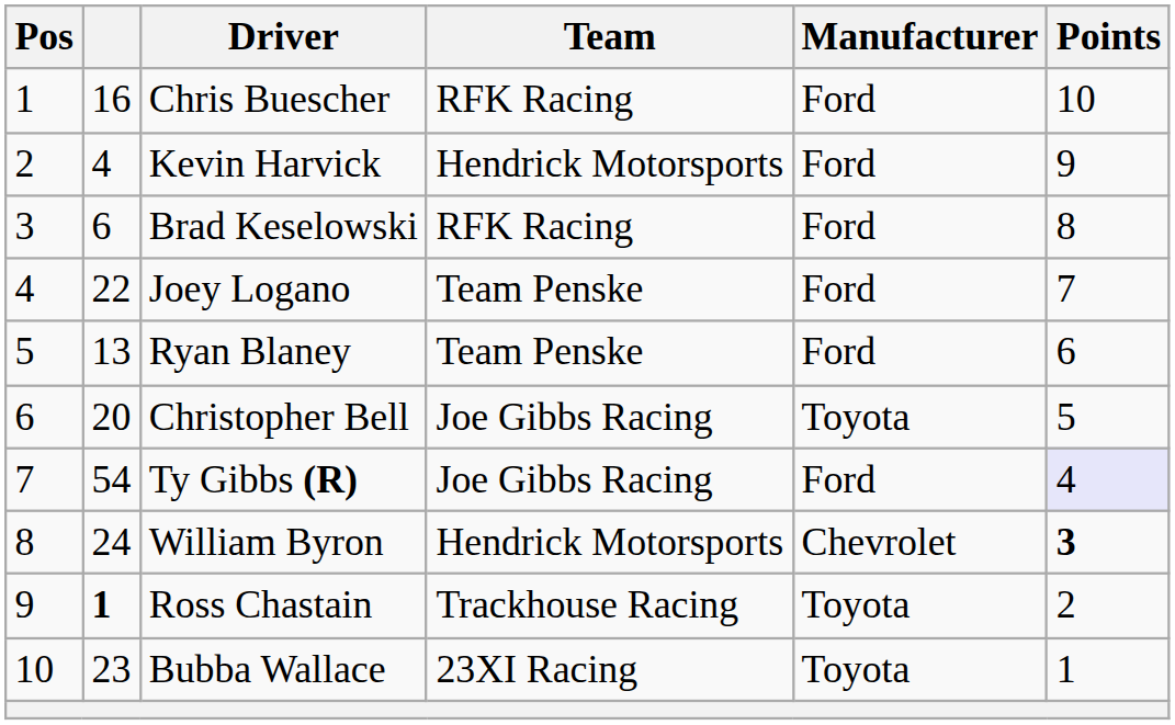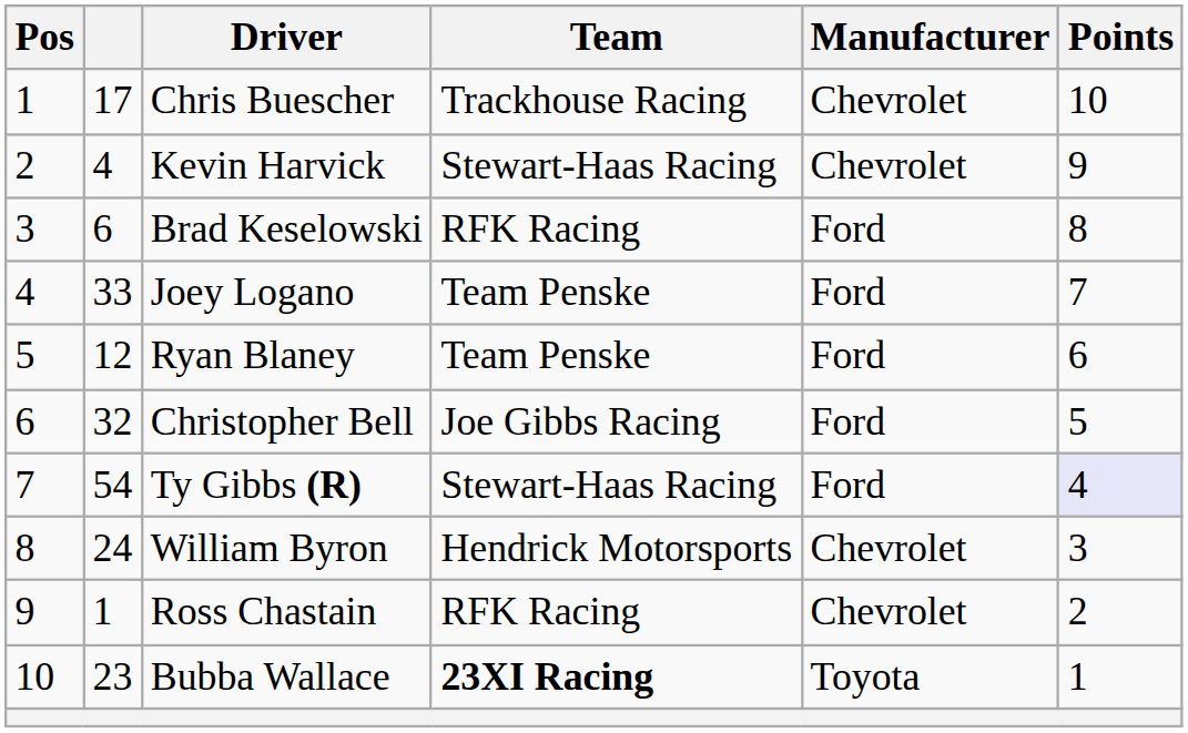 <table class="wikitable" style="font-size:98%">
 <tr>
 <th>Pos</th>
 <th></th>
 <th>Driver</th>
 <th>Team</th>
 <th>Manufacturer</th>
 <th>Points</th>
 </tr>
 <tr>
 <td>1</td>
-<td>16</td>
+<td>17</td>
 <td>Chris Buescher</td>
-<td>RFK Racing</td>
-<td>Ford</td>
+<td>Trackhouse Racing</td>
+<td>Chevrolet</td>
 <td>10</td>
 </tr>
 <tr>
 <td>2</td>
 <td>4</td>
 <td>Kevin Harvick</td>
-<td>Hendrick Motorsports</td>
-<td>Ford</td>
+<td>Stewart-Haas Racing</td>
+<td>Chevrolet</td>
 <td>9</td>
 </tr>
 <tr>
 <td>3</td>
 <td>6</td>
 <td>Brad Keselowski</td>
 <td>RFK Racing</td>
 <td>Ford</td>
 <td>8</td>
 </tr>
 <tr>
 <td>4</td>
-<td>22</td>
+<td>33</td>
 <td>Joey Logano</td>
 <td>Team Penske</td>
 <td>Ford</td>
 <td>7</td>
 </tr>
 <tr>
 <td>5</td>
-<td>13</td>
+<td>12</td>
 <td>Ryan Blaney</td>
 <td>Team Penske</td>
 <td>Ford</td>
 <td>6</td>
 </tr>
 <tr>
 <td>6</td>
-<td>20</td>
+<td>32</td>
 <td>Christopher Bell</td>
 <td>Joe Gibbs Racing</td>
-<td>Toyota</td>
+<td>Ford</td>
 <td>5</td>
 </tr>
 <tr>
 <td>7</td>
 <td>54</td>
 <td>Ty Gibbs <strong>(R)</strong></td>
-<td>Joe Gibbs Racing</td>
+<td>Stewart-Haas Racing</td>
 <td>Ford</td>
 <td style="background: lavender;">4</td>
 </tr>
 <tr>
 <td>8</td>
 <td>24</td>
 <td>William Byron</td>
 <td>Hendrick Motorsports</td>
 <td>Chevrolet</td>
-<td><strong>3</strong></td>
+<td>3</td>
 </tr>
 <tr>
 <td>9</td>
-<td><strong>1</strong></td>
+<td>1</td>
 <td>Ross Chastain</td>
-<td>Trackhouse Racing</td>
-<td>Toyota</td>
+<td>RFK Racing</td>
+<td>Chevrolet</td>
 <td>2</td>
 </tr>
 <tr>
 <td>10</td>
 <td>23</td>
 <td>Bubba Wallace</td>
-<td>23XI Racing</td>
+<td><strong>23XI Racing</strong></td>
 <td>Toyota</td>
 <td>1</td>
 </tr>
 <tr>
 <th colspan="6"></th>
 </tr>
 </table>
